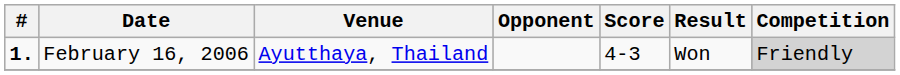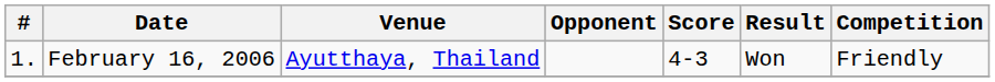 <table class="wikitable">
 <tr>
 <th>#</th>
 <th>Date</th>
 <th>Venue</th>
 <th>Opponent</th>
 <th>Score</th>
 <th>Result</th>
 <th>Competition</th>
 </tr>
 <tr>
-<td><strong>1.</strong></td>
+<td>1.</td>
 <td>February 16, 2006</td>
 <td><a href='#'>Ayutthaya</a>, <a href='#'>Thailand</a></td>
 <td></td>
 <td>4-3</td>
 <td>Won</td>
-<td style="background: lightgrey;">Friendly</td>
+<td>Friendly</td>
 </tr>
 <tr>
 </tr>
 </table>
